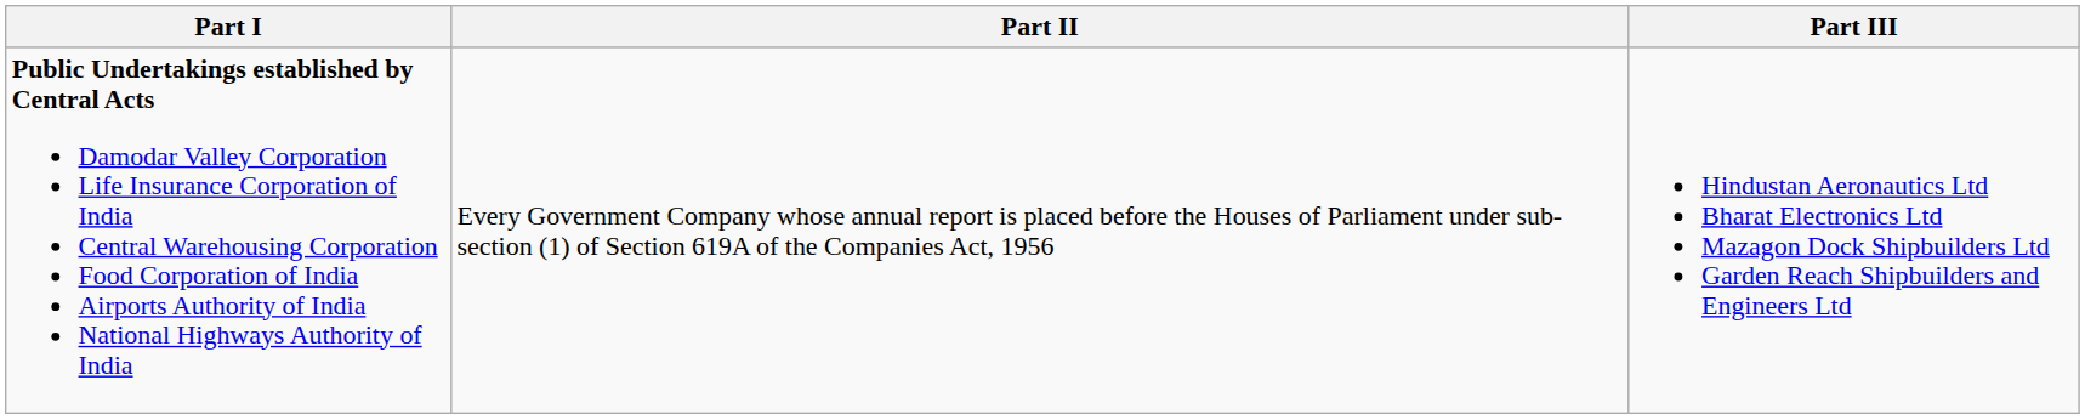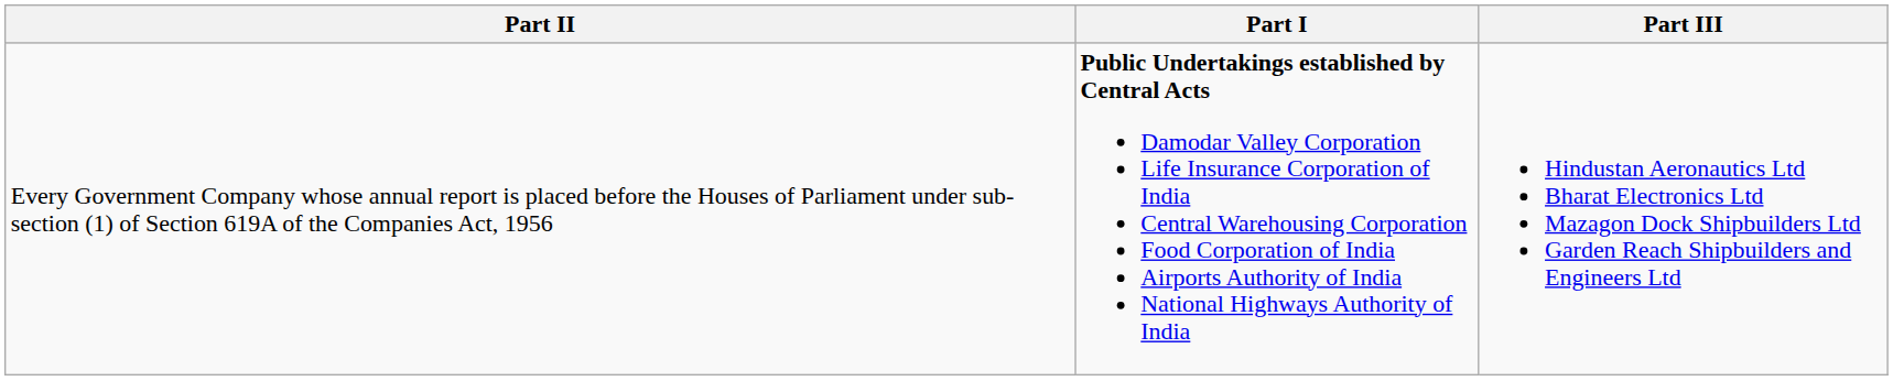 <table class="wikitable">
 <tr>
+<th>Part II</th>
 <th>Part I</th>
-<th>Part II</th>
 <th>Part III</th>
 </tr>
 <tr>
+<td>Every Government Company whose annual report is placed before the Houses of Parliament under sub-section (1) of Section 619A of the Companies Act, 1956</td>
 <td><strong>Public Undertakings established by Central Acts</strong><br><ul><li><a href='#'>Damodar Valley Corporation</a></li><li><a href='#'>Life Insurance Corporation of India</a></li><li><a href='#'>Central Warehousing Corporation</a></li><li><a href='#'>Food Corporation of India</a></li><li><a href='#'>Airports Authority of India</a></li><li><a href='#'>National Highways Authority of India</a></li></ul></td>
-<td>Every Government Company whose annual report is placed before the Houses of Parliament under sub-section (1) of Section 619A of the Companies Act, 1956</td>
 <td><br><ul><li><a href='#'>Hindustan Aeronautics Ltd</a></li><li><a href='#'>Bharat Electronics Ltd</a></li><li><a href='#'>Mazagon Dock Shipbuilders Ltd</a></li><li><a href='#'>Garden Reach Shipbuilders and Engineers Ltd</a></li></ul></td>
 </tr>
 </table>
